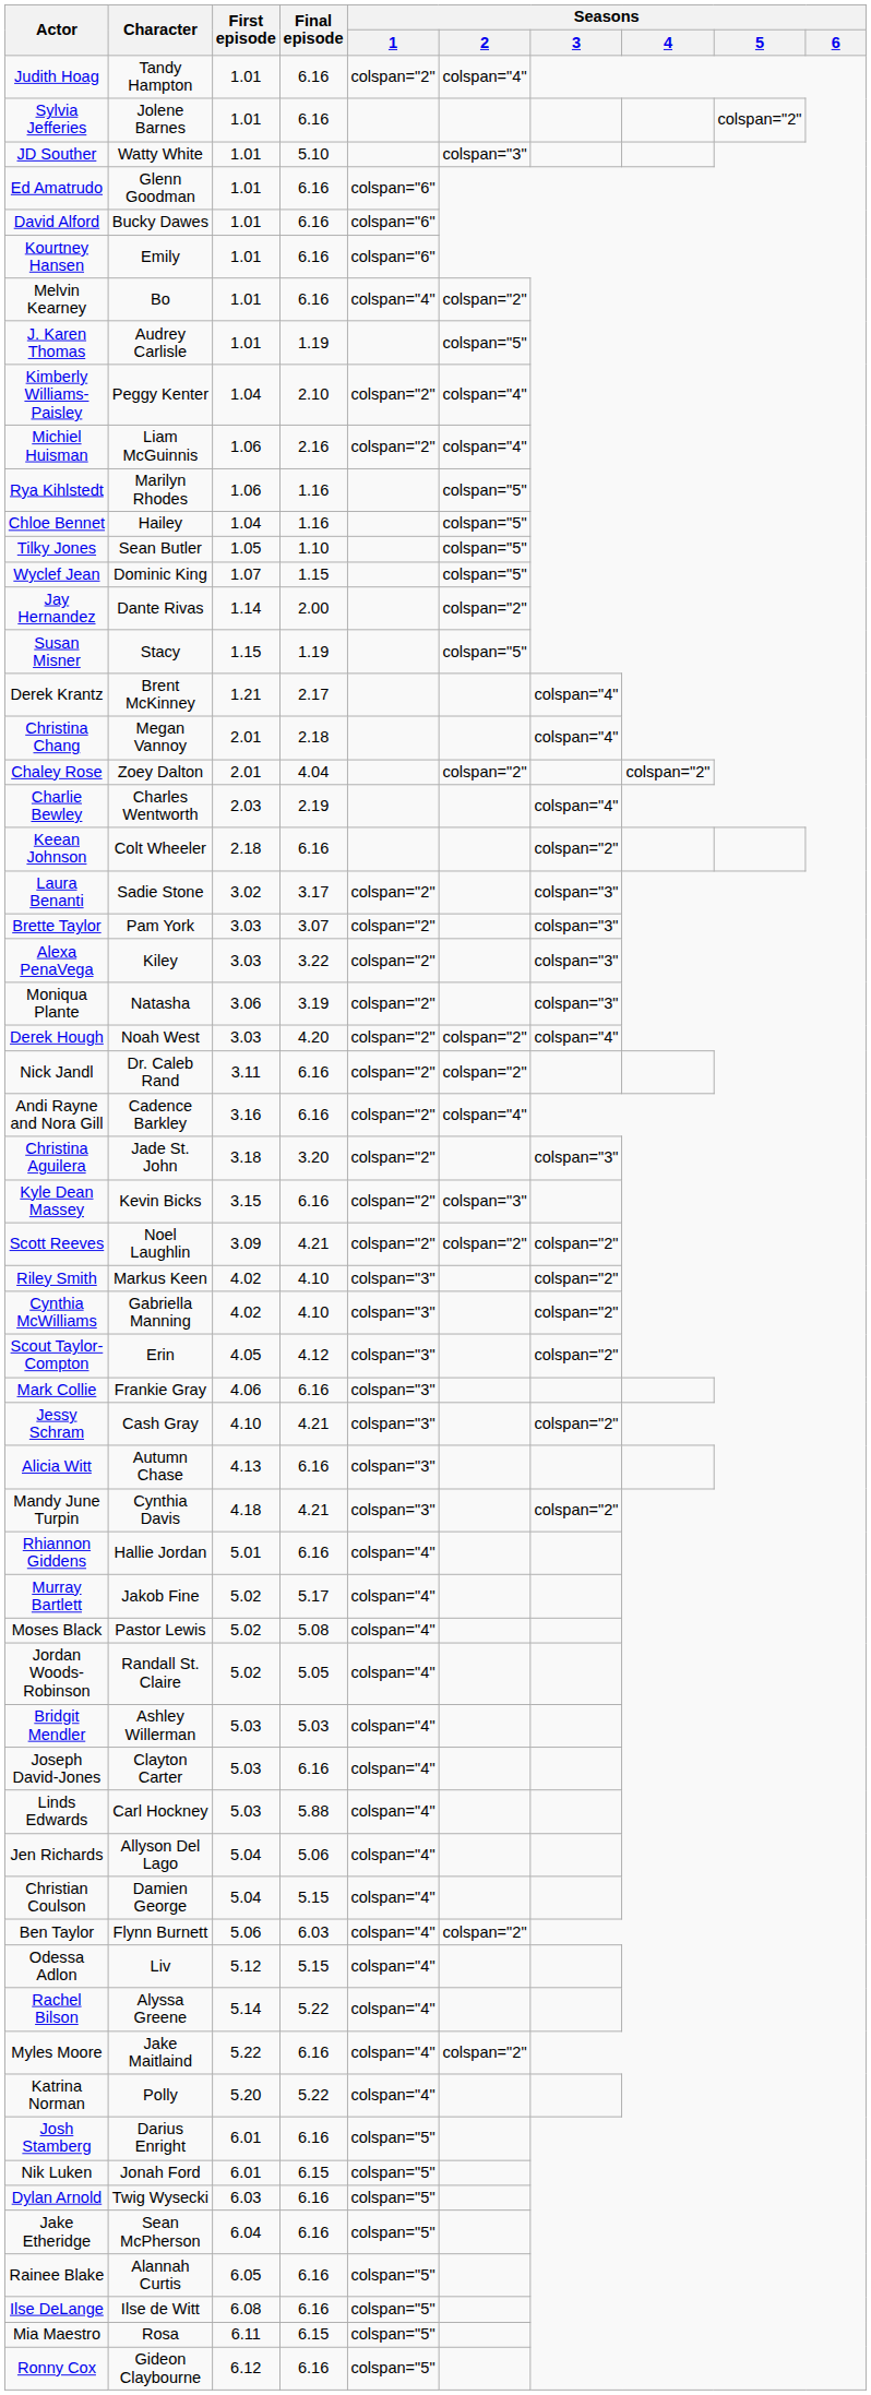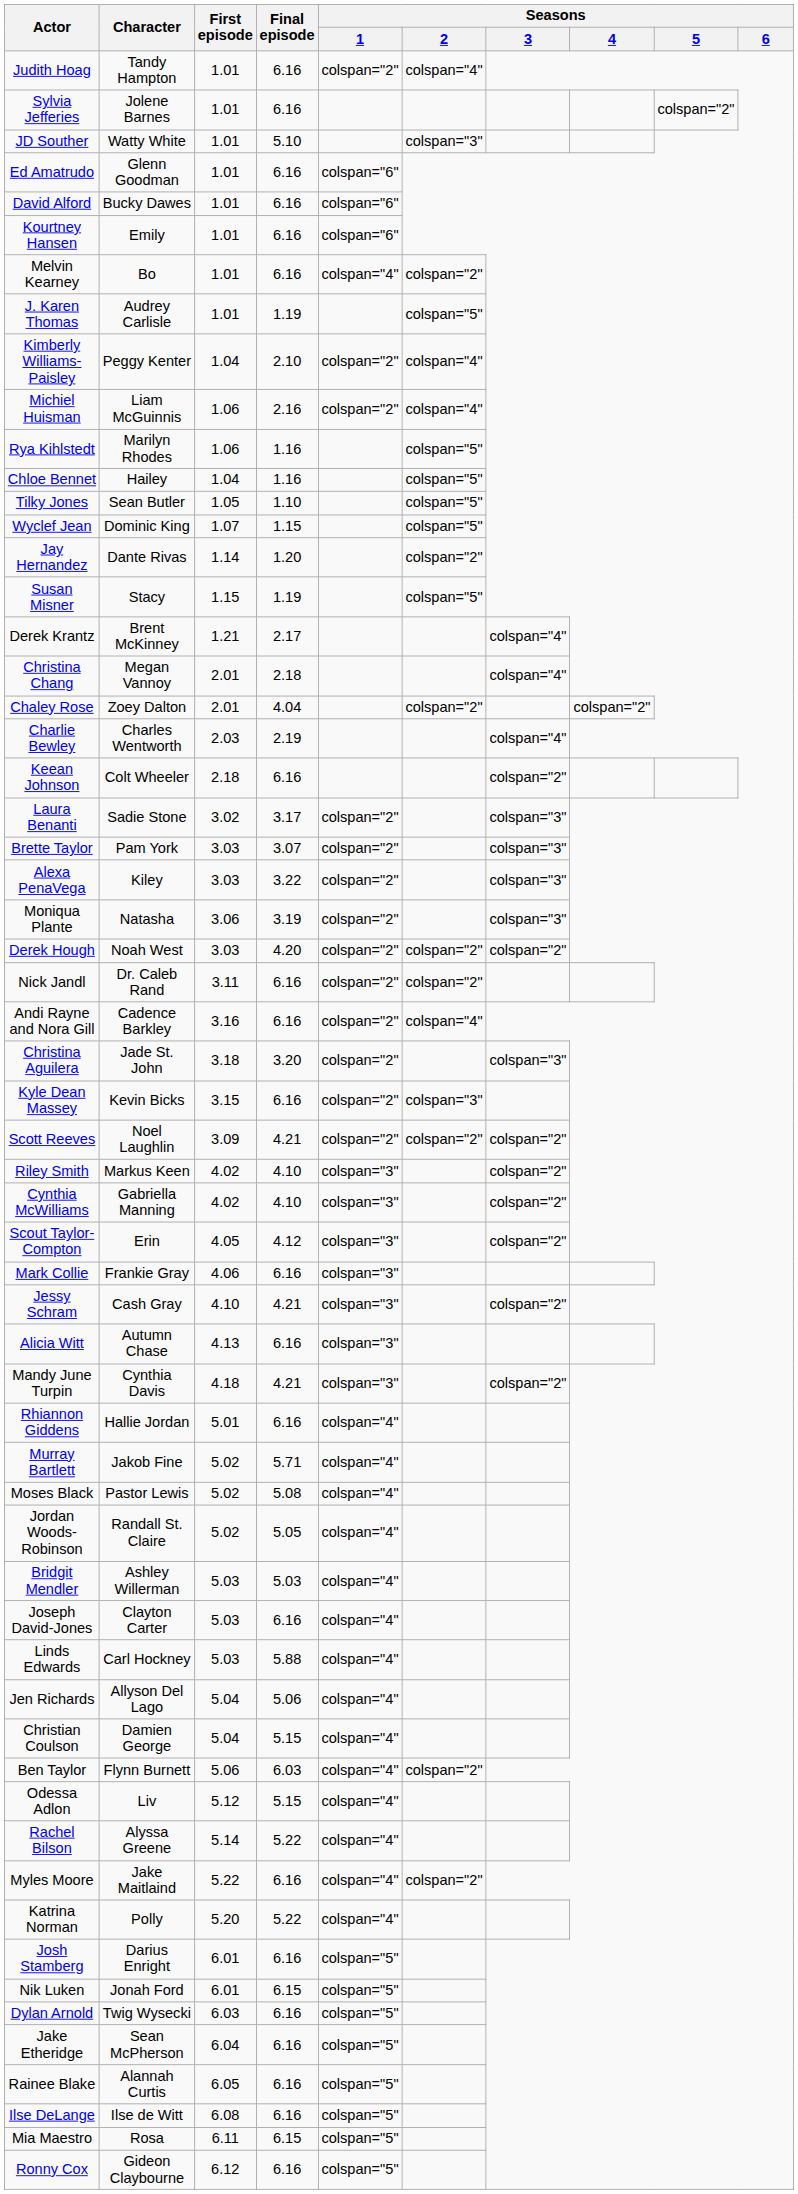 <table class="wikitable plainrowheaders" style="text-align:center">
 <tr>
 <th rowspan="2" width="12%" scope="col">Actor</th>
 <th rowspan="2" width="12%" scope="col">Character</th>
 <th rowspan="2" style="width:4%;" scope="col">First <br>episode</th>
 <th rowspan="2" style="width:4%;" scope="col">Final <br>episode</th>
 <th colspan="6">Seasons</th>
 </tr>
 <tr>
 <th width="7%" scope="col"><a href='#'>1</a></th>
 <th width="7%" scope="col"><a href='#'>2</a></th>
 <th width="7%" scope="col"><a href='#'>3</a></th>
 <th width="7%" scope="col"><a href='#'>4</a></th>
 <th width="7%" scope="col"><a href='#'>5</a></th>
 <th width="7%" scope="col"><a href='#'>6</a></th>
 </tr>
 <tr>
 <td><a href='#'>Judith Hoag</a></td>
 <td>Tandy Hampton</td>
 <td>1.01</td>
 <td>6.16</td>
 <td>colspan="2" </td>
 <td>colspan="4" </td>
 </tr>
 <tr>
 <td><a href='#'>Sylvia Jefferies</a></td>
 <td>Jolene Barnes</td>
 <td>1.01</td>
 <td>6.16</td>
 <td></td>
 <td></td>
 <td></td>
 <td></td>
 <td>colspan="2" </td>
 </tr>
 <tr>
 <td><a href='#'>JD Souther</a></td>
 <td>Watty White</td>
 <td>1.01</td>
 <td>5.10</td>
 <td></td>
 <td>colspan="3" </td>
 <td></td>
 <td></td>
 </tr>
 <tr>
 <td><a href='#'>Ed Amatrudo</a></td>
 <td>Glenn Goodman</td>
 <td>1.01</td>
 <td>6.16</td>
 <td>colspan="6" </td>
 </tr>
 <tr>
 <td><a href='#'>David Alford</a></td>
 <td>Bucky Dawes</td>
 <td>1.01</td>
 <td>6.16</td>
 <td>colspan="6" </td>
 </tr>
 <tr>
 <td><a href='#'>Kourtney Hansen</a></td>
 <td>Emily</td>
 <td>1.01</td>
 <td>6.16</td>
 <td>colspan="6" </td>
 </tr>
 <tr>
 <td>Melvin Kearney</td>
 <td>Bo</td>
 <td>1.01</td>
 <td>6.16</td>
 <td>colspan="4" </td>
 <td>colspan="2" </td>
 </tr>
 <tr>
 <td><a href='#'>J. Karen Thomas</a></td>
 <td>Audrey Carlisle</td>
 <td>1.01</td>
 <td>1.19</td>
 <td></td>
 <td>colspan="5" </td>
 </tr>
 <tr>
 <td><a href='#'>Kimberly Williams-Paisley</a></td>
 <td>Peggy Kenter</td>
 <td>1.04</td>
 <td>2.10</td>
 <td>colspan="2" </td>
 <td>colspan="4" </td>
 </tr>
 <tr>
 <td><a href='#'>Michiel Huisman</a></td>
 <td>Liam McGuinnis</td>
 <td>1.06</td>
 <td>2.16</td>
 <td>colspan="2" </td>
 <td>colspan="4" </td>
 </tr>
 <tr>
 <td><a href='#'>Rya Kihlstedt</a></td>
 <td>Marilyn Rhodes</td>
 <td>1.06</td>
 <td>1.16</td>
 <td></td>
 <td>colspan="5" </td>
 </tr>
 <tr>
 <td><a href='#'>Chloe Bennet</a></td>
 <td>Hailey</td>
 <td>1.04</td>
 <td>1.16</td>
 <td></td>
 <td>colspan="5" </td>
 </tr>
 <tr>
 <td><a href='#'>Tilky Jones</a></td>
 <td>Sean Butler</td>
 <td>1.05</td>
 <td>1.10</td>
 <td></td>
 <td>colspan="5" </td>
 </tr>
 <tr>
 <td><a href='#'>Wyclef Jean</a></td>
 <td>Dominic King</td>
 <td>1.07</td>
 <td>1.15</td>
 <td></td>
 <td>colspan="5" </td>
 </tr>
 <tr>
 <td><a href='#'>Jay Hernandez</a></td>
 <td>Dante Rivas</td>
 <td>1.14</td>
-<td>2.00</td>
+<td>1.20</td>
 <td></td>
 <td>colspan="2" </td>
 </tr>
 <tr>
 <td><a href='#'>Susan Misner</a></td>
 <td>Stacy</td>
 <td>1.15</td>
 <td>1.19</td>
 <td></td>
 <td>colspan="5" </td>
 </tr>
 <tr>
 <td>Derek Krantz</td>
 <td>Brent McKinney</td>
 <td>1.21</td>
 <td>2.17</td>
 <td></td>
 <td></td>
 <td>colspan="4" </td>
 </tr>
 <tr>
 <td><a href='#'>Christina Chang</a></td>
 <td>Megan Vannoy</td>
 <td>2.01</td>
 <td>2.18</td>
 <td></td>
 <td></td>
 <td>colspan="4" </td>
 </tr>
 <tr>
 <td><a href='#'>Chaley Rose</a></td>
 <td>Zoey Dalton</td>
 <td>2.01</td>
 <td>4.04</td>
 <td></td>
 <td>colspan="2" </td>
 <td></td>
 <td>colspan="2" </td>
 </tr>
 <tr>
 <td><a href='#'>Charlie Bewley</a></td>
 <td>Charles Wentworth</td>
 <td>2.03</td>
 <td>2.19</td>
 <td></td>
 <td></td>
 <td>colspan="4" </td>
 </tr>
 <tr>
 <td><a href='#'>Keean Johnson</a></td>
 <td>Colt Wheeler</td>
 <td>2.18</td>
 <td>6.16</td>
 <td></td>
 <td></td>
 <td>colspan="2" </td>
 <td></td>
 <td></td>
 </tr>
 <tr>
 <td><a href='#'>Laura Benanti</a></td>
 <td>Sadie Stone</td>
 <td>3.02</td>
 <td>3.17</td>
 <td>colspan="2" </td>
 <td></td>
 <td>colspan="3" </td>
 </tr>
 <tr>
 <td><a href='#'>Brette Taylor</a></td>
 <td>Pam York</td>
 <td>3.03</td>
 <td>3.07</td>
 <td>colspan="2" </td>
 <td></td>
 <td>colspan="3" </td>
 </tr>
 <tr>
 <td><a href='#'>Alexa PenaVega</a></td>
 <td>Kiley</td>
 <td>3.03</td>
 <td>3.22</td>
 <td>colspan="2" </td>
 <td></td>
 <td>colspan="3" </td>
 </tr>
 <tr>
 <td>Moniqua Plante</td>
 <td>Natasha</td>
 <td>3.06</td>
 <td>3.19</td>
 <td>colspan="2" </td>
 <td></td>
 <td>colspan="3" </td>
 </tr>
 <tr>
 <td><a href='#'>Derek Hough</a></td>
 <td>Noah West</td>
 <td>3.03</td>
 <td>4.20</td>
 <td>colspan="2" </td>
 <td>colspan="2" </td>
-<td>colspan="4" </td>
+<td>colspan="2" </td>
 </tr>
 <tr>
 <td>Nick Jandl</td>
 <td>Dr. Caleb Rand</td>
 <td>3.11</td>
 <td>6.16</td>
 <td>colspan="2" </td>
 <td>colspan="2" </td>
 <td></td>
 <td></td>
 </tr>
 <tr>
 <td>Andi Rayne and Nora Gill</td>
 <td>Cadence Barkley</td>
 <td>3.16</td>
 <td>6.16</td>
 <td>colspan="2" </td>
 <td>colspan="4" </td>
 </tr>
 <tr>
 <td><a href='#'>Christina Aguilera</a></td>
 <td>Jade St. John</td>
 <td>3.18</td>
 <td>3.20</td>
 <td>colspan="2" </td>
 <td></td>
 <td>colspan="3" </td>
 </tr>
 <tr>
 <td><a href='#'>Kyle Dean Massey</a></td>
 <td>Kevin Bicks</td>
 <td>3.15</td>
 <td>6.16</td>
 <td>colspan="2" </td>
 <td>colspan="3" </td>
 <td></td>
 </tr>
 <tr>
 <td><a href='#'>Scott Reeves</a></td>
 <td>Noel Laughlin</td>
 <td>3.09</td>
 <td>4.21</td>
 <td>colspan="2" </td>
 <td>colspan="2" </td>
 <td>colspan="2" </td>
 </tr>
 <tr>
 <td><a href='#'>Riley Smith</a></td>
 <td>Markus Keen</td>
 <td>4.02</td>
 <td>4.10</td>
 <td>colspan="3" </td>
 <td></td>
 <td>colspan="2" </td>
 </tr>
 <tr>
 <td><a href='#'>Cynthia McWilliams</a></td>
 <td>Gabriella Manning</td>
 <td>4.02</td>
 <td>4.10</td>
 <td>colspan="3" </td>
 <td></td>
 <td>colspan="2" </td>
 </tr>
 <tr>
 <td><a href='#'>Scout Taylor-Compton</a></td>
 <td>Erin</td>
 <td>4.05</td>
 <td>4.12</td>
 <td>colspan="3" </td>
 <td></td>
 <td>colspan="2" </td>
 </tr>
 <tr>
 <td><a href='#'>Mark Collie</a></td>
 <td>Frankie Gray</td>
 <td>4.06</td>
 <td>6.16</td>
 <td>colspan="3" </td>
 <td></td>
 <td></td>
 <td></td>
 </tr>
 <tr>
 <td><a href='#'>Jessy Schram</a></td>
 <td>Cash Gray</td>
 <td>4.10</td>
 <td>4.21</td>
 <td>colspan="3" </td>
 <td></td>
 <td>colspan="2" </td>
 </tr>
 <tr>
 <td><a href='#'>Alicia Witt</a></td>
 <td>Autumn Chase</td>
 <td>4.13</td>
 <td>6.16</td>
 <td>colspan="3" </td>
 <td></td>
 <td></td>
 <td></td>
 </tr>
 <tr>
 <td>Mandy June Turpin</td>
 <td>Cynthia Davis</td>
 <td>4.18</td>
 <td>4.21</td>
 <td>colspan="3" </td>
 <td></td>
 <td>colspan="2" </td>
 </tr>
 <tr>
 <td><a href='#'>Rhiannon Giddens</a></td>
 <td>Hallie Jordan</td>
 <td>5.01</td>
 <td>6.16</td>
 <td>colspan="4" </td>
 <td></td>
 <td></td>
 </tr>
 <tr>
 <td><a href='#'>Murray Bartlett</a></td>
 <td>Jakob Fine</td>
 <td>5.02</td>
-<td>5.17</td>
+<td>5.71</td>
 <td>colspan="4" </td>
 <td></td>
 <td></td>
 </tr>
 <tr>
 <td>Moses Black</td>
 <td>Pastor Lewis</td>
 <td>5.02</td>
 <td>5.08</td>
 <td>colspan="4" </td>
 <td></td>
 <td></td>
 </tr>
 <tr>
 <td>Jordan Woods-Robinson</td>
 <td>Randall St. Claire</td>
 <td>5.02</td>
 <td>5.05</td>
 <td>colspan="4" </td>
 <td></td>
 <td></td>
 </tr>
 <tr>
 <td><a href='#'>Bridgit Mendler</a></td>
 <td>Ashley Willerman</td>
 <td>5.03</td>
 <td>5.03</td>
 <td>colspan="4" </td>
 <td></td>
 <td></td>
 </tr>
 <tr>
 <td>Joseph David-Jones</td>
 <td>Clayton Carter</td>
 <td>5.03</td>
 <td>6.16</td>
 <td>colspan="4" </td>
 <td></td>
 <td></td>
 </tr>
 <tr>
 <td>Linds Edwards</td>
 <td>Carl Hockney</td>
 <td>5.03</td>
 <td>5.88</td>
 <td>colspan="4" </td>
 <td></td>
 <td></td>
 </tr>
 <tr>
 <td>Jen Richards</td>
 <td>Allyson Del Lago</td>
 <td>5.04</td>
 <td>5.06</td>
 <td>colspan="4" </td>
 <td></td>
 <td></td>
 </tr>
 <tr>
 <td>Christian Coulson</td>
 <td>Damien George</td>
 <td>5.04</td>
 <td>5.15</td>
 <td>colspan="4" </td>
 <td></td>
 <td></td>
 </tr>
 <tr>
 <td>Ben Taylor</td>
 <td>Flynn Burnett</td>
 <td>5.06</td>
 <td>6.03</td>
 <td>colspan="4" </td>
 <td>colspan="2" </td>
 </tr>
 <tr>
 <td>Odessa Adlon</td>
 <td>Liv</td>
 <td>5.12</td>
 <td>5.15</td>
 <td>colspan="4" </td>
 <td></td>
 <td></td>
 </tr>
 <tr>
 <td><a href='#'>Rachel Bilson</a></td>
 <td>Alyssa Greene</td>
 <td>5.14</td>
 <td>5.22</td>
 <td>colspan="4" </td>
 <td></td>
 <td></td>
 </tr>
 <tr>
 <td>Myles Moore</td>
 <td>Jake Maitlaind</td>
 <td>5.22</td>
 <td>6.16</td>
 <td>colspan="4" </td>
 <td>colspan="2" </td>
 </tr>
 <tr>
 <td>Katrina Norman</td>
 <td>Polly</td>
 <td>5.20</td>
 <td>5.22</td>
 <td>colspan="4" </td>
 <td></td>
 <td></td>
 </tr>
 <tr>
 <td><a href='#'>Josh Stamberg</a></td>
 <td>Darius Enright</td>
 <td>6.01</td>
 <td>6.16</td>
 <td>colspan="5" </td>
 <td></td>
 </tr>
 <tr>
 <td>Nik Luken</td>
 <td>Jonah Ford</td>
 <td>6.01</td>
 <td>6.15</td>
 <td>colspan="5" </td>
 <td></td>
 </tr>
 <tr>
 <td><a href='#'>Dylan Arnold</a></td>
 <td>Twig Wysecki</td>
 <td>6.03</td>
 <td>6.16</td>
 <td>colspan="5" </td>
 <td></td>
 </tr>
 <tr>
 <td>Jake Etheridge</td>
 <td>Sean McPherson</td>
 <td>6.04</td>
 <td>6.16</td>
 <td>colspan="5" </td>
 <td></td>
 </tr>
 <tr>
 <td>Rainee Blake</td>
 <td>Alannah Curtis</td>
 <td>6.05</td>
 <td>6.16</td>
 <td>colspan="5" </td>
 <td></td>
 </tr>
 <tr>
 <td><a href='#'>Ilse DeLange</a></td>
 <td>Ilse de Witt</td>
 <td>6.08</td>
 <td>6.16</td>
 <td>colspan="5" </td>
 <td></td>
 </tr>
 <tr>
 <td>Mia Maestro</td>
 <td>Rosa</td>
 <td>6.11</td>
 <td>6.15</td>
 <td>colspan="5" </td>
 <td></td>
 </tr>
 <tr>
 <td><a href='#'>Ronny Cox</a></td>
 <td>Gideon Claybourne</td>
 <td>6.12</td>
 <td>6.16</td>
 <td>colspan="5" </td>
 <td></td>
 </tr>
 </table>
